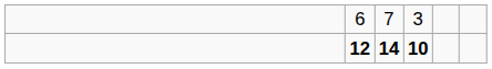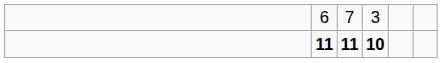 <table class="wikitable">
 <tr>
 <td style="width:18em"></td>
 <td align=center style="width:1em">6</td>
 <td align=center style="width:1em">7</td>
 <td align=center style="width:1em">3</td>
 <td align=center style="width:1em"></td>
 <td align=center style="width:1em"></td>
 </tr>
 <tr>
 <td style="width:18em"></td>
-<td align=center style="width:1em"><strong>12</strong></td>
-<td align=center style="width:1em"><strong>14</strong></td>
+<td align=center style="width:1em"><strong>11</strong></td>
+<td align=center style="width:1em"><strong>11</strong></td>
 <td align=center style="width:1em"><strong>10</strong></td>
 <td align=center style="width:1em"></td>
 <td align=center style="width:1em"></td>
 </tr>
 </table>
